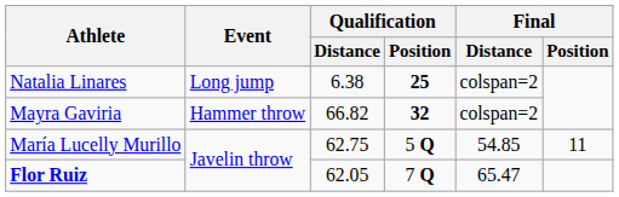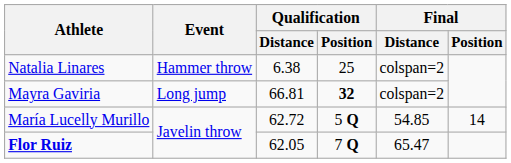 <table class=wikitable style=font-size:90%>
 <tr>
 <th rowspan=2>Athlete</th>
 <th rowspan=2>Event</th>
 <th colspan=2>Qualification</th>
 <th colspan=2>Final</th>
 </tr>
 <tr style=font-size:95%>
 <th>Distance</th>
 <th>Position</th>
 <th>Distance</th>
 <th>Position</th>
 </tr>
 <tr align=center>
 <td align=left><a href='#'>Natalia Linares</a></td>
-<td align=left><a href='#'>Long jump</a></td>
+<td align=left><a href='#'>Hammer throw</a></td>
 <td>6.38</td>
-<td><strong>25</strong></td>
+<td>25</td>
 <td>colspan=2 </td>
 </tr>
 <tr align=center>
 <td align=left><a href='#'>Mayra Gaviria</a></td>
-<td align=left><a href='#'>Hammer throw</a></td>
-<td>66.82</td>
+<td align=left><a href='#'>Long jump</a></td>
+<td>66.81</td>
 <td><strong>32</strong></td>
 <td>colspan=2 </td>
 </tr>
 <tr align=center>
 <td align=left><a href='#'>María Lucelly Murillo</a></td>
 <td align=left rowspan=2><a href='#'>Javelin throw</a></td>
-<td>62.75 <strong></strong></td>
+<td>62.72 <strong></strong></td>
 <td>5 <strong>Q</strong></td>
 <td>54.85</td>
-<td>11</td>
+<td>14</td>
 </tr>
 <tr align=center>
 <td align=left><strong><a href='#'>Flor Ruiz</a></strong></td>
 <td>62.05 <strong></strong></td>
 <td>7 <strong>Q</strong></td>
 <td>65.47 <strong></strong></td>
 <td></td>
 </tr>
 </table>
